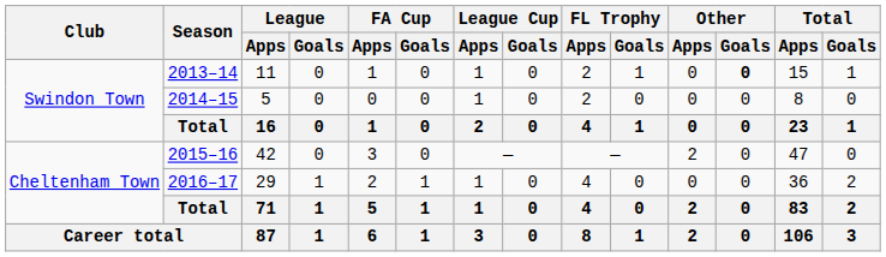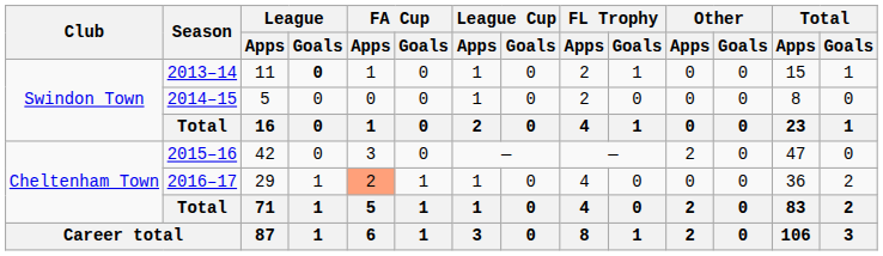 <table class="wikitable" style="text-align: center">
 <tr>
 <th rowspan=2>Club</th>
 <th rowspan=2>Season</th>
 <th colspan=2>League</th>
 <th colspan=2>FA Cup</th>
 <th colspan=2>League Cup</th>
 <th colspan=2>FL Trophy</th>
 <th colspan=2>Other</th>
 <th colspan=2>Total</th>
 </tr>
 <tr>
 <th>Apps</th>
 <th>Goals</th>
 <th>Apps</th>
 <th>Goals</th>
 <th>Apps</th>
 <th>Goals</th>
 <th>Apps</th>
 <th>Goals</th>
 <th>Apps</th>
 <th>Goals</th>
 <th>Apps</th>
 <th>Goals</th>
 </tr>
 <tr>
 <td rowspan="3"><a href='#'>Swindon Town</a></td>
 <td><a href='#'>2013–14</a></td>
 <td>11</td>
-<td>0</td>
+<td><strong>0</strong></td>
 <td>1</td>
 <td>0</td>
 <td>1</td>
 <td>0</td>
 <td>2</td>
 <td>1</td>
 <td>0</td>
-<td><strong>0</strong></td>
+<td>0</td>
 <td>15</td>
 <td>1</td>
 </tr>
 <tr>
 <td><a href='#'>2014–15</a></td>
 <td>5</td>
 <td>0</td>
 <td>0</td>
 <td>0</td>
 <td>1</td>
 <td>0</td>
 <td>2</td>
 <td>0</td>
 <td>0</td>
 <td>0</td>
 <td>8</td>
 <td>0</td>
 </tr>
 <tr>
 <th>Total</th>
 <th>16</th>
 <th>0</th>
 <th>1</th>
 <th>0</th>
 <th>2</th>
 <th>0</th>
 <th>4</th>
 <th>1</th>
 <th>0</th>
 <th>0</th>
 <th>23</th>
 <th>1</th>
 </tr>
 <tr>
 <td rowspan="3"><a href='#'>Cheltenham Town</a></td>
 <td><a href='#'>2015–16</a></td>
 <td>42</td>
 <td>0</td>
 <td>3</td>
 <td>0</td>
 <td colspan="2">—</td>
 <td colspan="2">—</td>
 <td>2</td>
 <td>0</td>
 <td>47</td>
 <td>0</td>
 </tr>
 <tr>
 <td><a href='#'>2016–17</a></td>
 <td>29</td>
 <td>1</td>
-<td>2</td>
+<td style="background: lightsalmon;">2</td>
 <td>1</td>
 <td>1</td>
 <td>0</td>
 <td>4</td>
 <td>0</td>
 <td>0</td>
 <td>0</td>
 <td>36</td>
 <td>2</td>
 </tr>
 <tr>
 <th>Total</th>
 <th>71</th>
 <th>1</th>
 <th>5</th>
 <th>1</th>
 <th>1</th>
 <th>0</th>
 <th>4</th>
 <th>0</th>
 <th>2</th>
 <th>0</th>
 <th>83</th>
 <th>2</th>
 </tr>
 <tr>
 <th colspan="2">Career total</th>
 <th>87</th>
 <th>1</th>
 <th>6</th>
 <th>1</th>
 <th>3</th>
 <th>0</th>
 <th>8</th>
 <th>1</th>
 <th>2</th>
 <th>0</th>
 <th>106</th>
 <th>3</th>
 </tr>
 </table>
